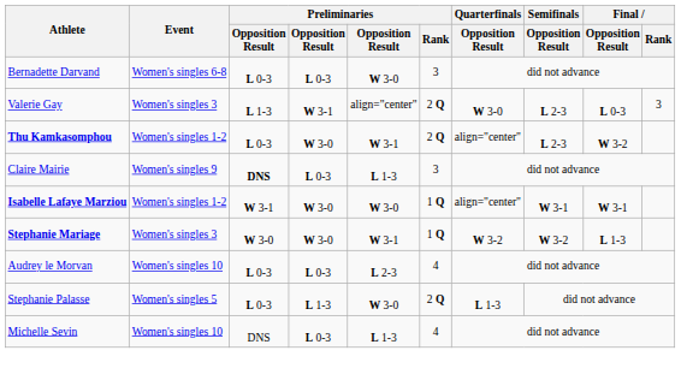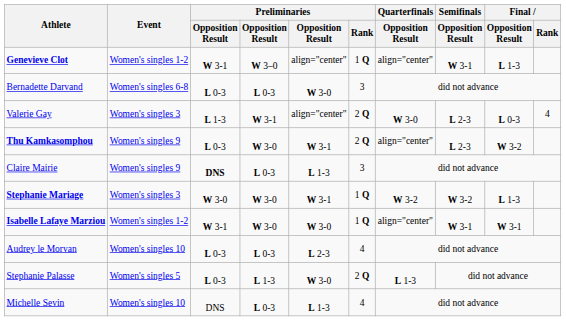 <table class=wikitable style="font-size:90%">
 <tr>
 <th rowspan="2">Athlete</th>
 <th rowspan="2">Event</th>
 <th colspan="4">Preliminaries</th>
 <th>Quarterfinals</th>
 <th>Semifinals</th>
 <th colspan="2">Final / </th>
 </tr>
 <tr>
 <th>Opposition<br>Result</th>
 <th>Opposition<br>Result</th>
 <th>Opposition<br>Result</th>
 <th>Rank</th>
 <th>Opposition<br>Result</th>
 <th>Opposition<br>Result</th>
 <th>Opposition<br>Result</th>
 <th>Rank</th>
 </tr>
 <tr>
+<td><strong><a href='#'>Genevieve Clot</a></strong></td>
+<td><a href='#'>Women's singles 1-2</a></td>
+<td align="center"><br><strong>W</strong> 3-1</td>
+<td align="center"><br><strong>W</strong> 3–0</td>
+<td>align="center" </td>
+<td align="center">1 <strong>Q</strong></td>
+<td>align="center" </td>
+<td align="center"><br><strong>W</strong> 3-1</td>
+<td align="center"><br><strong>L</strong> 1-3</td>
+<td align="center"></td>
+</tr>
+<tr>
 <td><a href='#'>Bernadette Darvand</a></td>
 <td><a href='#'>Women's singles 6-8</a></td>
 <td align="center"><br><strong>L</strong> 0-3</td>
 <td align="center"><br><strong>L</strong> 0-3</td>
 <td align="center"><br><strong>W</strong> 3-0</td>
 <td align="center">3</td>
 <td align="center" colspan="4">did not advance</td>
 </tr>
 <tr>
 <td><a href='#'>Valerie Gay</a></td>
 <td><a href='#'>Women's singles 3</a></td>
 <td align="center"><br><strong>L</strong> 1-3</td>
 <td align="center"><br><strong>W</strong> 3-1</td>
 <td>align="center" </td>
 <td align="center">2 <strong>Q</strong></td>
 <td align="center"><br><strong>W</strong> 3-0</td>
 <td align="center"><br><strong>L</strong> 2-3</td>
 <td align="center"><br><strong>L</strong> 0-3</td>
-<td align="center">3</td>
+<td align="center">4</td>
 </tr>
 <tr>
 <td><strong><a href='#'>Thu Kamkasomphou</a></strong></td>
-<td><a href='#'>Women's singles 1-2</a></td>
+<td><a href='#'>Women's singles 9</a></td>
 <td align="center"><br><strong>L</strong> 0-3</td>
 <td align="center"><br><strong>W</strong> 3-0</td>
 <td align="center"><br><strong>W</strong> 3-1</td>
 <td align="center">2 <strong>Q</strong></td>
 <td>align="center" </td>
 <td align="center"><br><strong>L</strong> 2-3</td>
 <td align="center"><br><strong>W</strong> 3-2</td>
 <td align="center"></td>
 </tr>
 <tr>
 <td><a href='#'>Claire Mairie</a></td>
 <td><a href='#'>Women's singles 9</a></td>
 <td align="center"><strong><br> DNS</strong></td>
 <td align="center"><br><strong>L</strong> 0-3</td>
 <td align="center"><br><strong>L</strong> 1-3</td>
 <td align="center">3</td>
 <td align="center" colspan="4">did not advance</td>
 </tr>
 <tr>
+<td><strong><a href='#'>Stephanie Mariage</a></strong></td>
+<td><a href='#'>Women's singles 3</a></td>
+<td align="center"><br><strong>W</strong> 3-0</td>
+<td align="center"><br><strong>W</strong> 3-0</td>
+<td align="center"><br><strong>W</strong> 3-1</td>
+<td align="center">1 <strong>Q</strong></td>
+<td align="center"><br><strong>W</strong> 3-2</td>
+<td align="center"><br><strong>W</strong> 3-2</td>
+<td align="center"><br><strong>L</strong> 1-3</td>
+<td align="center"></td>
+</tr>
+<tr>
 <td><strong><a href='#'>Isabelle Lafaye Marziou</a></strong></td>
 <td><a href='#'>Women's singles 1-2</a></td>
 <td align="center"><br><strong>W</strong> 3-1</td>
 <td align="center"><br><strong>W</strong> 3-0</td>
 <td align="center"><br><strong>W</strong> 3-0</td>
 <td align="center">1 <strong>Q</strong></td>
 <td>align="center" </td>
 <td align="center"><br><strong>W</strong> 3-1</td>
 <td align="center"><br><strong>W</strong> 3-1</td>
-<td align="center"></td>
-</tr>
-<tr>
-<td><strong><a href='#'>Stephanie Mariage</a></strong></td>
-<td><a href='#'>Women's singles 3</a></td>
-<td align="center"><br><strong>W</strong> 3-0</td>
-<td align="center"><br><strong>W</strong> 3-0</td>
-<td align="center"><br><strong>W</strong> 3-1</td>
-<td align="center">1 <strong>Q</strong></td>
-<td align="center"><br><strong>W</strong> 3-2</td>
-<td align="center"><br><strong>W</strong> 3-2</td>
-<td align="center"><br><strong>L</strong> 1-3</td>
 <td align="center"></td>
 </tr>
 <tr>
 <td><a href='#'>Audrey le Morvan</a></td>
 <td><a href='#'>Women's singles 10</a></td>
 <td align="center"><br><strong>L</strong> 0-3</td>
 <td align="center"><br><strong>L</strong> 0-3</td>
 <td align="center"><br><strong>L</strong> 2-3</td>
 <td align="center">4</td>
 <td align="center" colspan="4">did not advance</td>
 </tr>
 <tr>
 <td><a href='#'>Stephanie Palasse</a></td>
 <td><a href='#'>Women's singles 5</a></td>
 <td align="center"><br><strong>L</strong> 0-3</td>
 <td align="center"><br><strong>L</strong> 1-3</td>
 <td align="center"><br><strong>W</strong> 3-0</td>
 <td align="center">2 <strong>Q</strong></td>
 <td align="center"><br><strong>L</strong> 1-3</td>
 <td align="center" colspan="3">did not advance</td>
 </tr>
 <tr>
 <td><a href='#'>Michelle Sevin</a></td>
 <td><a href='#'>Women's singles 10</a></td>
 <td align="center"><br> DNS</td>
 <td align="center"><br><strong>L</strong> 0-3</td>
 <td align="center"><br><strong>L</strong> 1-3</td>
 <td align="center">4</td>
 <td align="center" colspan="4">did not advance</td>
 </tr>
 </table>
